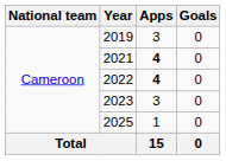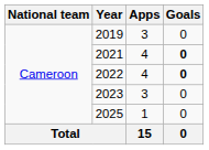 <table class=wikitable style=text-align:center>
 <tr>
 <th>National team</th>
 <th>Year</th>
 <th>Apps</th>
 <th>Goals</th>
 </tr>
 <tr>
 <td rowspan="5"><a href='#'>Cameroon</a></td>
 <td>2019</td>
 <td>3</td>
 <td>0</td>
 </tr>
 <tr>
 <td>2021</td>
-<td><strong>4</strong></td>
-<td>0</td>
+<td>4</td>
+<td><strong>0</strong></td>
 </tr>
 <tr>
 <td>2022</td>
-<td><strong>4</strong></td>
-<td>0</td>
+<td>4</td>
+<td><strong>0</strong></td>
 </tr>
 <tr>
 <td>2023</td>
 <td>3</td>
 <td>0</td>
 </tr>
 <tr>
 <td>2025</td>
 <td>1</td>
 <td>0</td>
 </tr>
 <tr>
 <th colspan="2">Total</th>
 <th>15</th>
 <th>0</th>
 </tr>
 </table>
